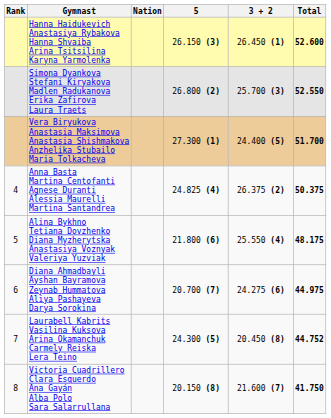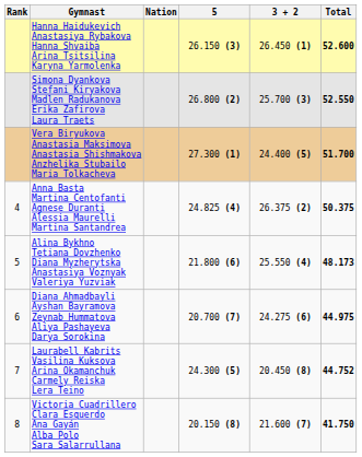 <table class="wikitable sortable" style="text-align:center">
 <tr>
 <th>Rank</th>
 <th>Gymnast</th>
 <th>Nation</th>
 <th width=100px>5 </th>
 <th width=100px>3  + 2 </th>
 <th>Total</th>
 </tr>
 <tr bgcolor=fffcaf>
 <td></td>
 <td align=left><a href='#'>Hanna Haidukevich</a><br><a href='#'>Anastasiya Rybakova</a><br><a href='#'>Hanna Shvaiba</a><br><a href='#'>Arina Tsitsilina</a><br><a href='#'>Karyna Yarmolenka</a></td>
 <td align=left></td>
 <td>26.150 <strong>(3)</strong></td>
 <td>26.450 <strong>(1)</strong></td>
 <td><strong>52.600</strong></td>
 </tr>
 <tr bgcolor=e5e5e5>
 <td></td>
 <td align=left><a href='#'>Simona Dyankova</a><br><a href='#'>Stefani Kiryakova</a><br><a href='#'>Madlen Radukanova</a><br><a href='#'>Erika Zafirova</a><br><a href='#'>Laura Traets</a></td>
 <td align=left></td>
 <td>26.800 <strong>(2)</strong></td>
 <td>25.700 <strong>(3)</strong></td>
 <td><strong>52.550</strong></td>
 </tr>
 <tr bgcolor=eecc99>
 <td></td>
 <td align=left><a href='#'>Vera Biryukova</a><br><a href='#'>Anastasia Maksimova</a><br><a href='#'>Anastasia Shishmakova</a><br><a href='#'>Anzhelika Stubailo</a><br><a href='#'>Maria Tolkacheva</a></td>
 <td align=left></td>
 <td>27.300 <strong>(1)</strong></td>
 <td>24.400 <strong>(5)</strong></td>
 <td><strong>51.700</strong></td>
 </tr>
 <tr>
 <td>4</td>
 <td align=left><a href='#'>Anna Basta</a><br><a href='#'>Martina Centofanti</a><br><a href='#'>Agnese Duranti</a><br><a href='#'>Alessia Maurelli</a><br><a href='#'>Martina Santandrea</a></td>
 <td align=left></td>
 <td>24.825 <strong>(4)</strong></td>
 <td>26.375 <strong>(2)</strong></td>
 <td><strong>50.375</strong></td>
 </tr>
 <tr>
 <td>5</td>
 <td align=left><a href='#'>Alina Bykhno</a><br><a href='#'>Tetiana Dovzhenko</a><br><a href='#'>Diana Myzherytska</a><br><a href='#'>Anastasiya Voznyak</a><br><a href='#'>Valeriya Yuzviak</a></td>
 <td align=left></td>
 <td>21.800 <strong>(6)</strong></td>
 <td>25.550 <strong>(4)</strong></td>
-<td><strong>48.175</strong></td>
+<td><strong>48.173</strong></td>
 </tr>
 <tr>
 <td>6</td>
 <td align=left><a href='#'>Diana Ahmadbayli</a><br><a href='#'>Ayshan Bayramova</a><br><a href='#'>Zeynab Hummatova</a><br><a href='#'>Aliya Pashayeva</a><br><a href='#'>Darya Sorokina</a></td>
 <td align=left></td>
 <td>20.700 <strong>(7)</strong></td>
 <td>24.275 <strong>(6)</strong></td>
 <td><strong>44.975</strong></td>
 </tr>
 <tr>
 <td>7</td>
 <td align=left><a href='#'>Laurabell Kabrits</a><br><a href='#'>Vasilina Kuksova</a><br><a href='#'>Arina Okamanchuk</a><br><a href='#'>Carmely Reiska</a><br><a href='#'>Lera Teino</a></td>
 <td align=left></td>
 <td>24.300 <strong>(5)</strong></td>
 <td>20.450 <strong>(8)</strong></td>
 <td><strong>44.752</strong></td>
 </tr>
 <tr>
 <td>8</td>
 <td align=left><a href='#'>Victoria Cuadrillero</a><br><a href='#'>Clara Esquerdo</a><br><a href='#'>Ana Gayán</a><br><a href='#'>Alba Polo</a><br><a href='#'>Sara Salarrullana</a></td>
 <td align=left></td>
 <td>20.150 <strong>(8)</strong></td>
 <td>21.600 <strong>(7)</strong></td>
 <td><strong>41.750</strong></td>
 </tr>
 </table>
